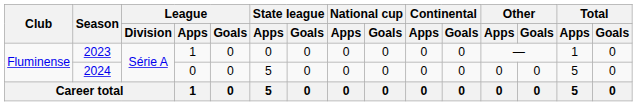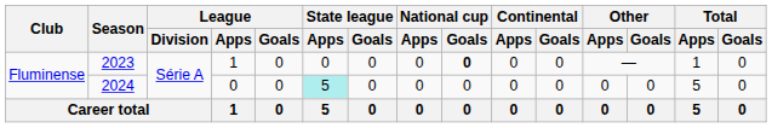 <table class="wikitable" style="text-align: center">
 <tr>
 <th rowspan="2">Club</th>
 <th rowspan="2">Season</th>
 <th colspan="3">League</th>
 <th colspan="2">State league</th>
 <th colspan="2">National cup</th>
 <th colspan="2">Continental</th>
 <th colspan="2">Other</th>
 <th colspan="2">Total</th>
 </tr>
 <tr>
 <th>Division</th>
 <th>Apps</th>
 <th>Goals</th>
 <th>Apps</th>
 <th>Goals</th>
 <th>Apps</th>
 <th>Goals</th>
 <th>Apps</th>
 <th>Goals</th>
 <th>Apps</th>
 <th>Goals</th>
 <th>Apps</th>
 <th>Goals</th>
 </tr>
 <tr>
 <td rowspan="2"><a href='#'>Fluminense</a></td>
 <td><a href='#'>2023</a></td>
 <td rowspan="2"><a href='#'>Série A</a></td>
 <td>1</td>
 <td>0</td>
 <td>0</td>
 <td>0</td>
 <td>0</td>
-<td>0</td>
+<td><strong>0</strong></td>
 <td>0</td>
 <td>0</td>
 <td colspan="2">—</td>
 <td>1</td>
 <td>0</td>
 </tr>
 <tr>
 <td><a href='#'>2024</a></td>
 <td>0</td>
 <td>0</td>
-<td>5</td>
+<td style="background: paleturquoise;">5</td>
 <td>0</td>
 <td>0</td>
 <td>0</td>
 <td>0</td>
 <td>0</td>
 <td>0</td>
 <td>0</td>
 <td>5</td>
 <td>0</td>
 </tr>
 <tr>
 <th colspan="3"><strong>Career total</strong></th>
 <th>1</th>
 <th>0</th>
 <th>5</th>
 <th>0</th>
 <th>0</th>
 <th>0</th>
 <th>0</th>
 <th>0</th>
 <th>0</th>
 <th>0</th>
 <th>5</th>
 <th>0</th>
 </tr>
 </table>
